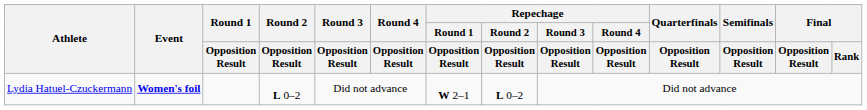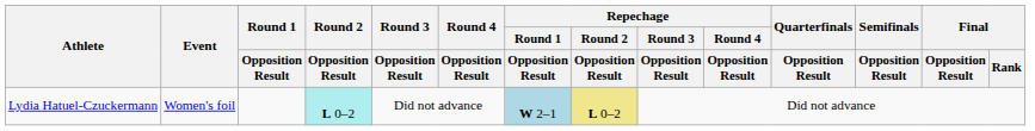 <table class="wikitable" style="font-size:85%">
 <tr>
 <th rowspan="3">Athlete</th>
 <th rowspan="3">Event</th>
 <th rowspan="2">Round 1</th>
 <th rowspan="2">Round 2</th>
 <th rowspan="2">Round 3</th>
 <th rowspan="2">Round 4</th>
 <th colspan=4>Repechage</th>
 <th rowspan="2">Quarterfinals</th>
 <th rowspan="2">Semifinals</th>
 <th rowspan="2" colspan=2>Final</th>
 </tr>
 <tr style="font-size:95%">
 <th>Round 1</th>
 <th>Round 2</th>
 <th>Round 3</th>
 <th>Round 4</th>
 </tr>
 <tr style="font-size:95%">
 <th>Opposition<br>Result</th>
 <th>Opposition<br>Result</th>
 <th>Opposition<br>Result</th>
 <th>Opposition<br>Result</th>
 <th>Opposition<br>Result</th>
 <th>Opposition<br>Result</th>
 <th>Opposition<br>Result</th>
 <th>Opposition<br>Result</th>
 <th>Opposition<br>Result</th>
 <th>Opposition<br>Result</th>
 <th>Opposition<br>Result</th>
 <th>Rank</th>
 </tr>
 <tr align=center>
 <td align=left><a href='#'>Lydia Hatuel-Czuckermann</a></td>
-<td align=left><strong><a href='#'>Women's foil</a></strong></td>
+<td align=left><a href='#'>Women's foil</a></td>
 <td></td>
-<td><br><strong>L</strong> 0–2</td>
+<td style="background: paleturquoise;"><br><strong>L</strong> 0–2</td>
 <td colspan=2>Did not advance</td>
-<td><br><strong>W</strong> 2–1</td>
-<td><br><strong>L</strong> 0–2</td>
+<td style="background: lightblue;"><br><strong>W</strong> 2–1</td>
+<td style="background: khaki;"><br><strong>L</strong> 0–2</td>
 <td colspan=6>Did not advance</td>
 </tr>
 </table>
